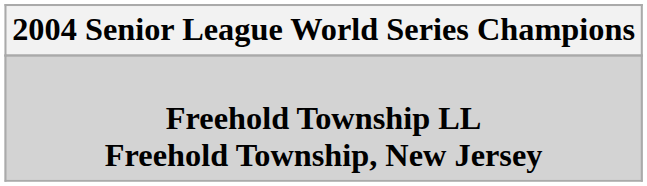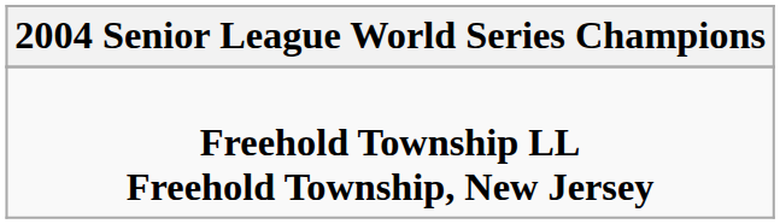 <table class="wikitable" style="text-align: center; margin: 0 auto;">
 <tr>
 <th>2004 Senior League World Series Champions</th>
 </tr>
 <tr>
 </tr>
 <tr>
-<td style="background: lightgrey;"><br><strong>Freehold Township LL</strong><br> <strong>Freehold Township, New Jersey</strong></td>
+<td><br><strong>Freehold Township LL</strong><br> <strong>Freehold Township, New Jersey</strong></td>
 </tr>
 </table>
